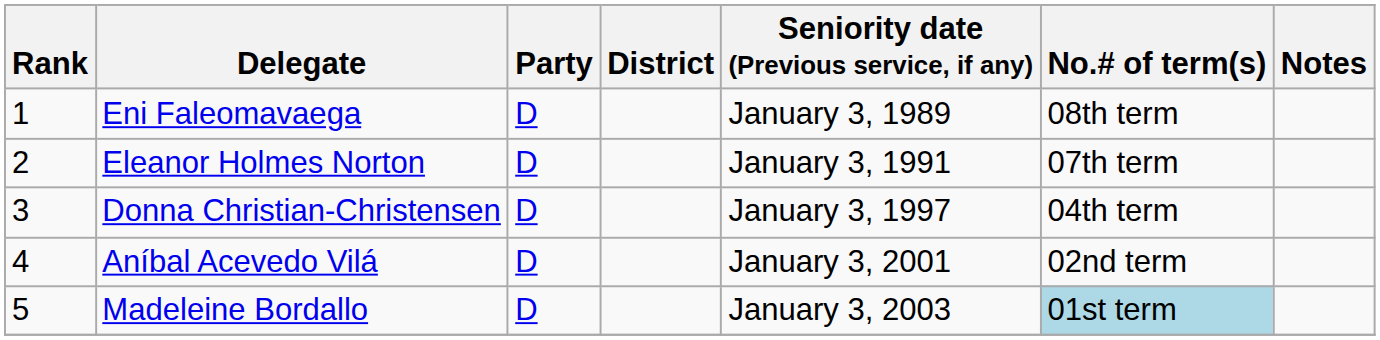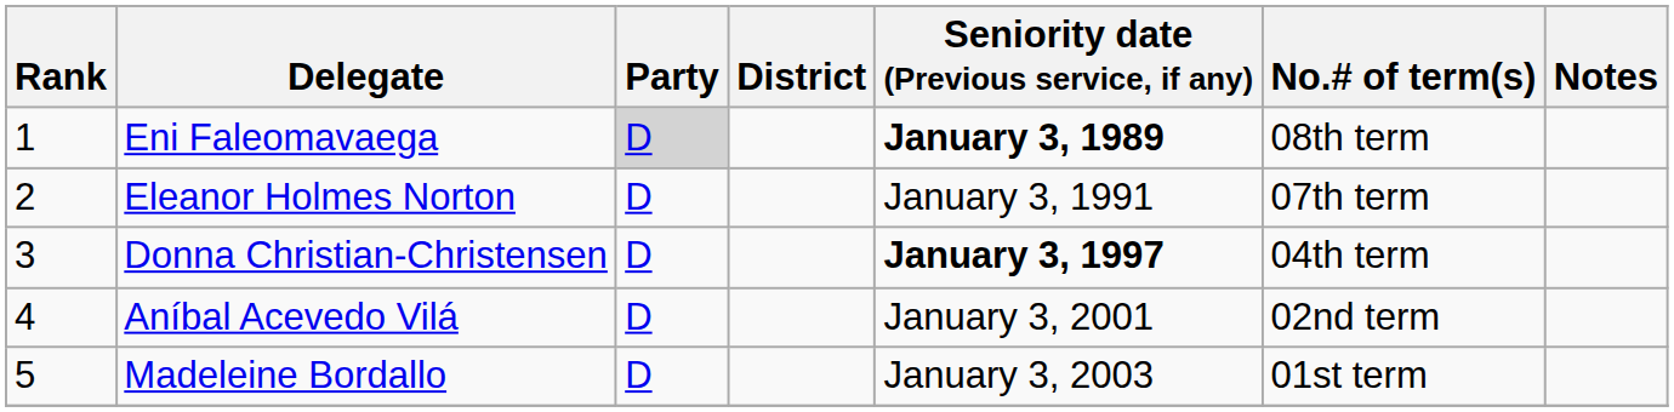 <table class="wikitable sortable">
 <tr valign=bottom>
 <th>Rank</th>
 <th>Delegate</th>
 <th>Party</th>
 <th>District</th>
 <th>Seniority date<br><small>(Previous service, if any)</small><br></th>
 <th>No.# of term(s)</th>
 <th>Notes</th>
 </tr>
 <tr>
 <td>1</td>
 <td><a href='#'>Eni Faleomavaega</a></td>
-<td><a href='#'>D</a></td>
+<td style="background: lightgrey;"><a href='#'>D</a></td>
 <td></td>
-<td>January 3, 1989</td>
+<td><strong>January 3, 1989</strong></td>
 <td>08th term</td>
 <td></td>
 </tr>
 <tr>
 <td>2</td>
 <td><a href='#'>Eleanor Holmes Norton</a></td>
 <td><a href='#'>D</a></td>
 <td></td>
 <td>January 3, 1991</td>
 <td>07th term</td>
 <td></td>
 </tr>
 <tr>
 <td>3</td>
 <td><a href='#'>Donna Christian-Christensen</a></td>
 <td><a href='#'>D</a></td>
 <td></td>
-<td>January 3, 1997</td>
+<td><strong>January 3, 1997</strong></td>
 <td>04th term</td>
 <td></td>
 </tr>
 <tr>
 <td>4</td>
 <td><a href='#'>Aníbal Acevedo Vilá</a></td>
 <td><a href='#'>D</a></td>
 <td></td>
 <td>January 3, 2001</td>
 <td>02nd term</td>
 <td></td>
 </tr>
 <tr>
 <td>5</td>
 <td><a href='#'>Madeleine Bordallo</a></td>
 <td><a href='#'>D</a></td>
 <td></td>
 <td>January 3, 2003</td>
-<td style="background: lightblue;">01st term</td>
+<td>01st term</td>
 <td></td>
 </tr>
 <tr>
 </tr>
 </table>
